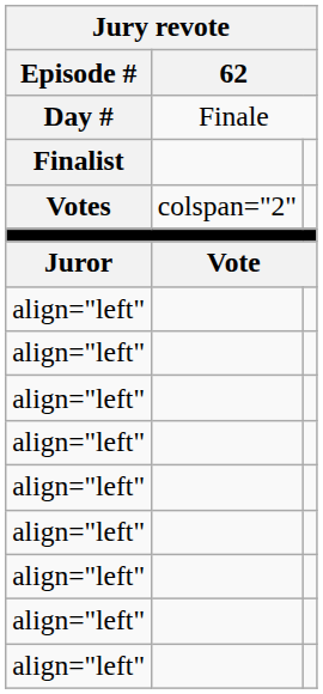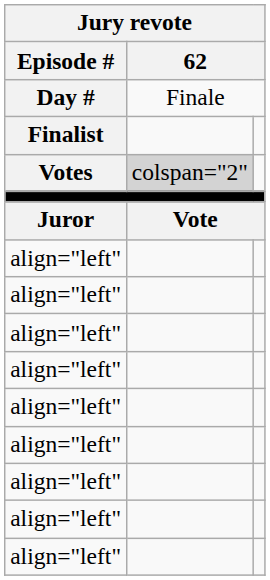 <table class="wikitable nowrap" style="text-align:center; font-size:100%">
 <tr>
 <th colspan="5">Jury revote</th>
 </tr>
 <tr>
 <th>Episode #</th>
 <th colspan="2">62</th>
 </tr>
 <tr>
 <th>Day #</th>
 <td colspan="2">Finale</td>
 </tr>
 <tr>
 <th>Finalist</th>
 <td></td>
 <td></td>
 </tr>
 <tr>
 <th>Votes</th>
-<td>colspan="2" </td>
+<td style="background: lightgrey;">colspan="2" </td>
 </tr>
 <tr>
 <th colspan="3" style="background:black;"></th>
 </tr>
 <tr>
 <th>Juror</th>
 <th colspan="4">Vote</th>
 </tr>
 <tr>
 <td>align="left" </td>
 <td></td>
 <td></td>
 </tr>
 <tr>
 <td>align="left" </td>
 <td></td>
 <td></td>
 </tr>
 <tr>
 <td>align="left" </td>
 <td></td>
 <td></td>
 </tr>
 <tr>
 <td>align="left" </td>
 <td></td>
 <td></td>
 </tr>
 <tr>
 <td>align="left" </td>
 <td></td>
 <td></td>
 </tr>
 <tr>
 <td>align="left" </td>
 <td></td>
 <td></td>
 </tr>
 <tr>
 <td>align="left" </td>
 <td></td>
 <td></td>
 </tr>
 <tr>
 <td>align="left" </td>
 <td></td>
 <td></td>
 </tr>
 <tr>
 <td>align="left" </td>
 <td></td>
 <td></td>
 </tr>
 </table>
